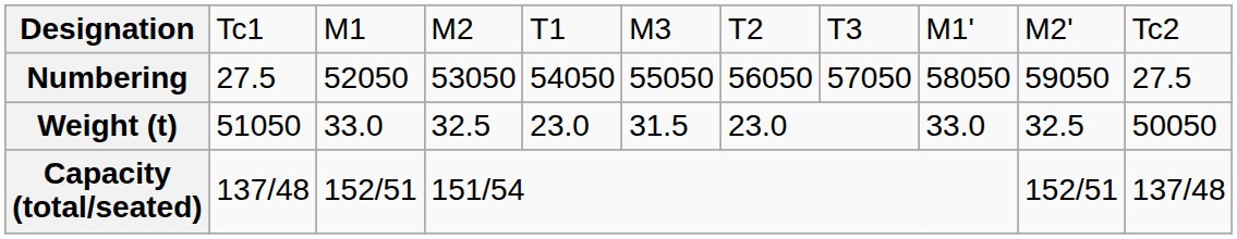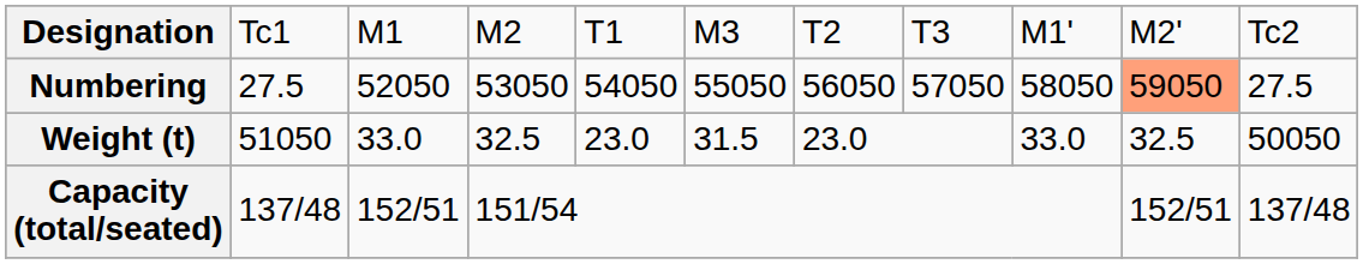 <table class="wikitable">
 <tr>
 <th>Designation</th>
 <td>Tc1</td>
 <td>M1</td>
 <td>M2</td>
 <td>T1</td>
 <td>M3</td>
 <td>T2</td>
 <td>T3</td>
 <td>M1'</td>
 <td>M2'</td>
 <td>Tc2</td>
 </tr>
 <tr>
 <th>Numbering</th>
 <td>27.5</td>
 <td>52050</td>
 <td>53050</td>
 <td>54050</td>
 <td>55050</td>
 <td>56050</td>
 <td>57050</td>
 <td>58050</td>
-<td>59050</td>
+<td style="background: lightsalmon;">59050</td>
 <td>27.5</td>
 </tr>
 <tr>
 <th>Weight (t)</th>
 <td>51050</td>
 <td>33.0</td>
 <td>32.5</td>
 <td>23.0</td>
 <td>31.5</td>
 <td colspan="2">23.0</td>
 <td>33.0</td>
 <td>32.5</td>
 <td>50050</td>
 </tr>
 <tr>
 <th>Capacity<br>(total/seated)</th>
 <td>137/48</td>
 <td>152/51</td>
 <td colspan="6">151/54</td>
 <td>152/51</td>
 <td>137/48</td>
 </tr>
 </table>
